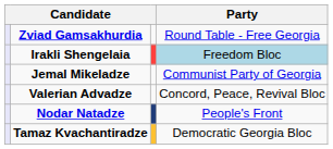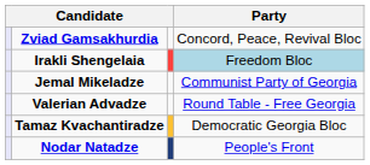 <table class="wikitable" style="text-align:center">
 <tr>
 <th colspan="3">Candidate</th>
 <th>Party</th>
 </tr>
 <tr>
 <td style="background:lavender;"></td>
 <td><strong><a href='#'>Zviad Gamsakhurdia</a></strong></td>
 <td style="background-color:"></td>
-<td><a href='#'>Round Table - Free Georgia</a></td>
+<td>Concord, Peace, Revival Bloc</td>
 </tr>
 <tr>
 <td style="background:lavender;"></td>
 <td><strong>Irakli Shengelaia</strong></td>
 <td style="background-color:#FF403D;"></td>
 <td style="background: lightblue;">Freedom Bloc</td>
 </tr>
 <tr>
 <td style="background:lavender;"></td>
 <td><strong>Jemal Mikeladze</strong></td>
 <td style="background-color:"></td>
 <td><a href='#'>Communist Party of Georgia</a></td>
 </tr>
 <tr>
 <td style="background:lavender;"></td>
 <td><strong>Valerian Advadze</strong></td>
 <td style="background-color:"></td>
-<td>Concord, Peace, Revival Bloc</td>
+<td><a href='#'>Round Table - Free Georgia</a></td>
+</tr>
+<tr>
+<td style="background:lavender;"></td>
+<td><strong>Tamaz Kvachantiradze</strong></td>
+<td style="background-color:#FFC130;"></td>
+<td>Democratic Georgia Bloc</td>
 </tr>
 <tr>
 <td style="background:lavender;"></td>
 <td><strong><a href='#'>Nodar Natadze</a></strong></td>
 <td style="background-color:#1F3C79;"></td>
 <td><a href='#'>People's Front</a></td>
 </tr>
-<tr>
-<td style="background:lavender;"></td>
-<td><strong>Tamaz Kvachantiradze</strong></td>
-<td style="background-color:#FFC130;"></td>
-<td>Democratic Georgia Bloc</td>
-</tr>
 </table>
